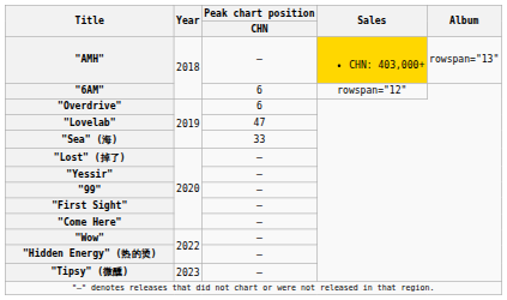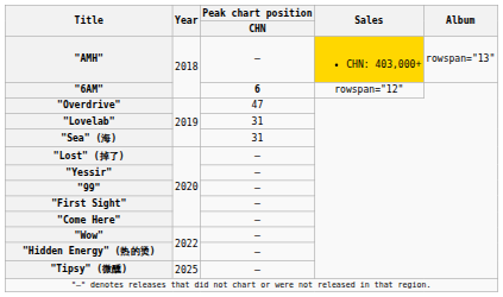 <table class="wikitable plainrowheaders" style="text-align:center;">
 <tr>
 <th rowspan="2" scope="col" style="width:17em;">Title</th>
 <th rowspan="2" scope="col">Year</th>
 <th scope="col">Peak chart position</th>
 <th rowspan="2" scope=col>Sales</th>
 <th rowspan="2" scope="col">Album</th>
 </tr>
 <tr>
 <th>CHN<br></th>
 </tr>
 <tr>
 <th scope="row">"AMH"</th>
 <td rowspan="2">2018</td>
 <td>—</td>
 <td style="background: gold;"><br><ul><li>CHN: 403,000+ </li></ul></td>
 <td>rowspan="13" </td>
 </tr>
 <tr>
 <th scope="row">"6AM"</th>
-<td>6</td>
+<td><strong>6</strong></td>
 <td>rowspan="12" </td>
 </tr>
 <tr>
 <th scope="row">"Overdrive"</th>
 <td rowspan="3">2019</td>
-<td>6</td>
+<td>47</td>
 </tr>
 <tr>
 <th scope="row">"Lovelab"</th>
-<td>47</td>
+<td>31</td>
 </tr>
 <tr>
 <th scope="row">"Sea" (海)</th>
-<td>33</td>
+<td>31</td>
 </tr>
 <tr>
 <th scope="row">"Lost" (掉了)</th>
 <td rowspan="5">2020</td>
 <td>—</td>
 </tr>
 <tr>
 <th scope="row">"Yessir"</th>
 <td>—</td>
 </tr>
 <tr>
 <th scope="row">"99"</th>
 <td>—</td>
 </tr>
 <tr>
 <th scope="row">"First Sight"</th>
 <td>—</td>
 </tr>
 <tr>
 <th scope="row">"Come Here"</th>
 <td>—</td>
 </tr>
 <tr>
 <th scope="row">"Wow"</th>
 <td rowspan="2">2022</td>
 <td>—</td>
 </tr>
 <tr>
 <th scope="row">"Hidden Energy" (热的烫)</th>
 <td>—</td>
 </tr>
 <tr>
 <th scope="row">"Tipsy" (微醺)</th>
-<td>2023</td>
+<td>2025</td>
 <td>—</td>
 </tr>
 <tr>
 <td colspan="5" style="font-size:8pt; text-align:center;">"—" denotes releases that did not chart or were not released in that region.</td>
 </tr>
 </table>
